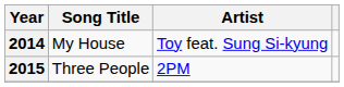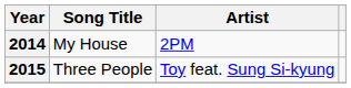 <table class="wikitable  plainrowheaders">
 <tr>
 <th scope="col">Year</th>
 <th scope="col">Song Title</th>
 <th scope="col">Artist</th>
 <th scope="col" class="unsortable"></th>
 </tr>
 <tr>
 <th scope="row">2014</th>
 <td>My House</td>
-<td><a href='#'>Toy</a> feat. <a href='#'>Sung Si-kyung</a></td>
+<td><a href='#'>2PM</a></td>
 <td style="text-align:center"></td>
 </tr>
 <tr>
 <th scope="row">2015</th>
 <td>Three People</td>
-<td><a href='#'>2PM</a></td>
+<td><a href='#'>Toy</a> feat. <a href='#'>Sung Si-kyung</a></td>
 <td style="text-align:center"></td>
 </tr>
 <tr>
 </tr>
 </table>
